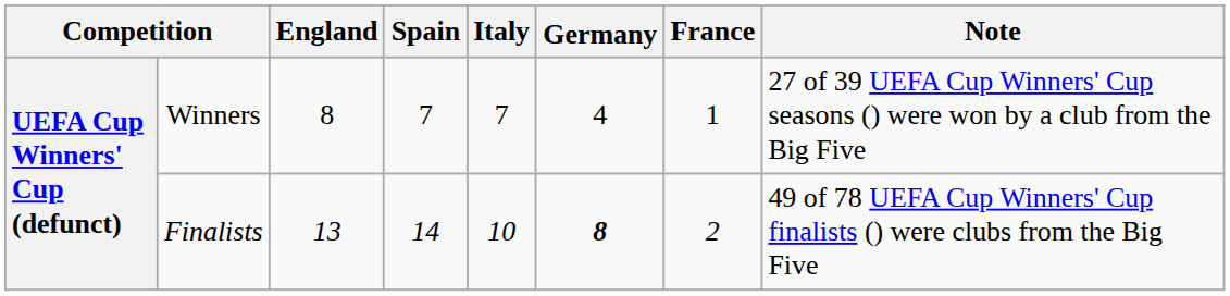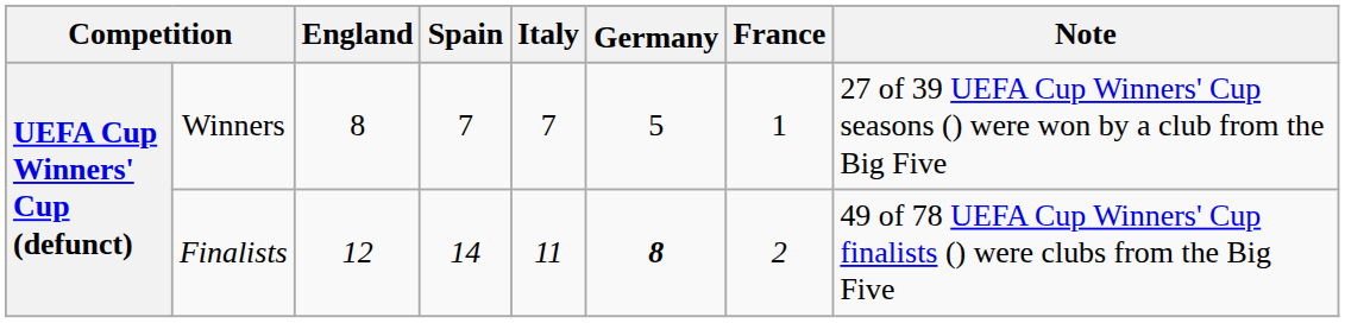 <table class="wikitable" style="text-align:center; font-size:88%;">
 <tr>
 <th colspan="2">Competition</th>
 <th> England</th>
 <th> Spain</th>
 <th> Italy</th>
 <th> Germany<sup></sup></th>
 <th> France</th>
 <th style="min-width:200px;">Note</th>
 </tr>
 <tr>
 <th scope="row" rowspan="2" style="text-align:left;"><a href='#'>UEFA Cup Winners' Cup</a> (defunct)</th>
 <td>Winners</td>
 <td>8</td>
 <td>7</td>
 <td>7</td>
-<td>4</td>
+<td>5</td>
 <td>1</td>
 <td style="text-align:left;">27 of 39 <a href='#'>UEFA Cup Winners' Cup</a> seasons () were won by a club from the Big Five</td>
 </tr>
 <tr style="font-style:italic;">
 <td>Finalists</td>
-<td>13</td>
+<td>12</td>
 <td>14</td>
-<td>10</td>
+<td>11</td>
 <td><strong>8</strong></td>
 <td>2</td>
 <td style="text-align:left; font-style:normal;">49 of 78 <a href='#'>UEFA Cup Winners' Cup finalists</a> () were clubs from the Big Five</td>
 </tr>
 </table>
